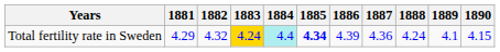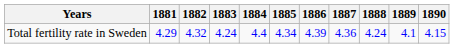 <table class="wikitable " style="text-align:right">
 <tr>
 <th>Years</th>
 <th>1881</th>
 <th>1882</th>
 <th>1883</th>
 <th>1884</th>
 <th>1885</th>
 <th>1886</th>
 <th>1887</th>
 <th>1888</th>
 <th>1889</th>
 <th>1890</th>
 </tr>
 <tr>
 <td style="text-align:left;">Total fertility rate in Sweden</td>
 <td style="text-align:right; color:blue;">4.29</td>
 <td style="text-align:right; color:blue;">4.32</td>
-<td style="background: gold; text-align:right; color:blue;">4.24</td>
-<td style="background: paleturquoise; text-align:right; color:blue;">4.4</td>
-<td style="text-align:right; color:blue;"><strong>4.34</strong></td>
+<td style="text-align:right; color:blue;">4.24</td>
+<td style="text-align:right; color:blue;">4.4</td>
+<td style="text-align:right; color:blue;">4.34</td>
 <td style="text-align:right; color:blue;">4.39</td>
 <td style="text-align:right; color:blue;">4.36</td>
 <td style="text-align:right; color:blue;">4.24</td>
 <td style="text-align:right; color:blue;">4.1</td>
 <td style="text-align:right; color:blue;">4.15</td>
 </tr>
 </table>
